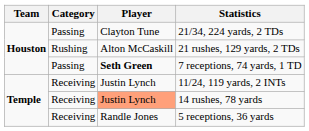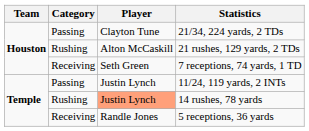 <table class="wikitable" style="float: left;">
 <tr>
 <th>Team</th>
 <th>Category</th>
 <th>Player</th>
 <th>Statistics</th>
 </tr>
 <tr>
 <td rowspan=3><strong>Houston</strong></td>
 <td>Passing</td>
 <td>Clayton Tune</td>
 <td>21/34, 224 yards, 2 TDs</td>
 </tr>
 <tr>
 <td>Rushing</td>
 <td>Alton McCaskill</td>
 <td>21 rushes, 129 yards, 2 TDs</td>
 </tr>
 <tr>
-<td>Passing</td>
-<td><strong>Seth Green</strong></td>
+<td>Receiving</td>
+<td>Seth Green</td>
 <td>7 receptions, 74 yards, 1 TD</td>
 </tr>
 <tr>
 <td rowspan=3><strong>Temple</strong></td>
-<td>Receiving</td>
+<td>Passing</td>
 <td>Justin Lynch</td>
 <td>11/24, 119 yards, 2 INTs</td>
 </tr>
 <tr>
-<td>Receiving</td>
+<td>Rushing</td>
 <td style="background: lightsalmon;">Justin Lynch</td>
 <td>14 rushes, 78 yards</td>
 </tr>
 <tr>
 <td>Receiving</td>
 <td>Randle Jones</td>
 <td>5 receptions, 36 yards</td>
 </tr>
 </table>
